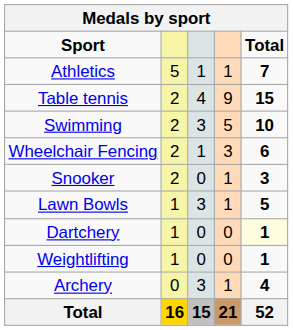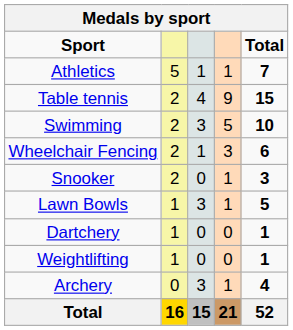 <table class="wikitable" style="font-size:95%">
 <tr style="background:#efefef;">
 <th colspan=5>Medals by sport</th>
 </tr>
 <tr style="text-align:center;">
 <td><strong>Sport</strong></td>
 <td bgcolor=#f7f6a8></td>
 <td bgcolor=#dce5e5></td>
 <td bgcolor=#ffdab9></td>
 <td><strong>Total</strong></td>
 </tr>
 <tr style="text-align:center;">
 <td><a href='#'>Athletics</a></td>
 <td style="background:#F7F6A8;">5</td>
 <td style="background:#DCE5E5;">1</td>
 <td style="background:#FFDAB9;">1</td>
 <td><strong>7</strong></td>
 </tr>
 <tr style="text-align:center;">
 <td><a href='#'>Table tennis</a></td>
 <td style="background:#F7F6A8;">2</td>
 <td style="background:#DCE5E5;">4</td>
 <td style="background:#FFDAB9;">9</td>
 <td><strong>15</strong></td>
 </tr>
 <tr style="text-align:center;">
 <td><a href='#'>Swimming</a></td>
 <td style="background:#F7F6A8;">2</td>
 <td style="background:#DCE5E5;">3</td>
 <td style="background:#FFDAB9;">5</td>
 <td><strong>10</strong></td>
 </tr>
 <tr style="text-align:center;">
 <td><a href='#'>Wheelchair Fencing</a></td>
 <td style="background:#F7F6A8;">2</td>
 <td style="background:#DCE5E5;">1</td>
 <td style="background:#FFDAB9;">3</td>
 <td><strong>6</strong></td>
 </tr>
 <tr style="text-align:center;">
 <td><a href='#'>Snooker</a></td>
 <td style="background:#F7F6A8;">2</td>
 <td style="background:#DCE5E5;">0</td>
 <td style="background:#FFDAB9;">1</td>
 <td><strong>3</strong></td>
 </tr>
 <tr style="text-align:center;">
 <td><a href='#'>Lawn Bowls</a></td>
 <td style="background:#F7F6A8;">1</td>
 <td style="background:#DCE5E5;">3</td>
 <td style="background:#FFDAB9;">1</td>
 <td><strong>5</strong></td>
 </tr>
 <tr style="text-align:center;">
 <td><a href='#'>Dartchery</a></td>
 <td style="background:#F7F6A8;">1</td>
 <td style="background:#DCE5E5;">0</td>
 <td style="background:#FFDAB9;">0</td>
-<td style="background: lightyellow;"><strong>1</strong></td>
+<td><strong>1</strong></td>
 </tr>
 <tr style="text-align:center;">
 <td><a href='#'>Weightlifting</a></td>
 <td style="background:#F7F6A8;">1</td>
 <td style="background:#DCE5E5;">0</td>
 <td style="background:#FFDAB9;">0</td>
 <td><strong>1</strong></td>
 </tr>
 <tr style="text-align:center;">
 <td><a href='#'>Archery</a></td>
 <td style="background:#F7F6A8;">0</td>
 <td style="background:#DCE5E5;">3</td>
 <td style="background:#FFDAB9;">1</td>
 <td><strong>4</strong></td>
 </tr>
 <tr>
 <th>Total</th>
 <th style="background:gold;">16</th>
 <th style="background:silver;">15</th>
 <th style="background:#c96;">21</th>
 <th>52</th>
 </tr>
 </table>
